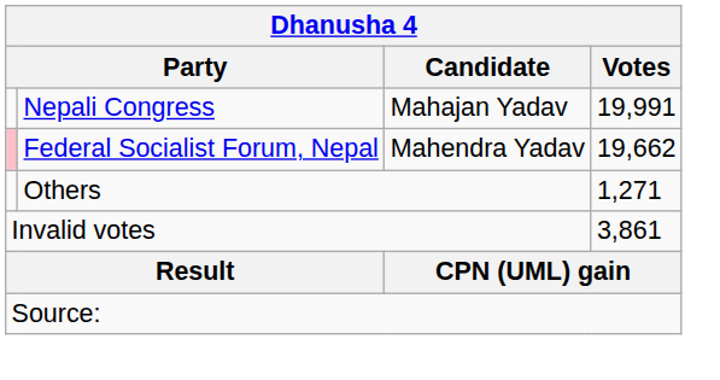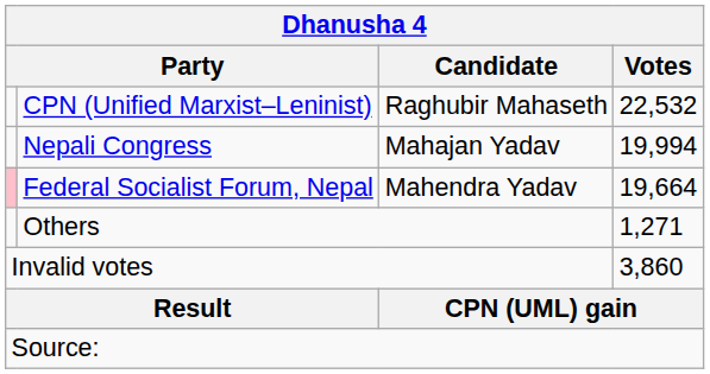 <table class="wikitable">
 <tr>
 <th colspan="4"><a href='#'>Dhanusha 4</a></th>
 </tr>
 <tr>
 <th colspan="2">Party</th>
 <th>Candidate</th>
 <th>Votes</th>
 </tr>
 <tr>
 <td style="background-color:"></td>
+<td><a href='#'>CPN (Unified Marxist–Leninist)</a></td>
+<td>Raghubir Mahaseth</td>
+<td>22,532</td>
+</tr>
+<tr>
+<td style="background-color:"></td>
 <td><a href='#'>Nepali Congress</a></td>
 <td>Mahajan Yadav</td>
-<td>19,991</td>
+<td>19,994</td>
 </tr>
 <tr>
 <td style="background-color:#ffc0cb"></td>
 <td><a href='#'>Federal Socialist Forum, Nepal</a></td>
 <td>Mahendra Yadav</td>
-<td>19,662</td>
+<td>19,664</td>
 </tr>
 <tr>
 <td></td>
 <td colspan="2">Others</td>
 <td>1,271</td>
 </tr>
 <tr>
 <td colspan="3">Invalid votes</td>
-<td>3,861</td>
+<td>3,860</td>
 </tr>
 <tr>
 <th colspan="2">Result</th>
 <th colspan="2">CPN (UML) gain</th>
 </tr>
 <tr>
 <td colspan="4">Source: </td>
 </tr>
 </table>
